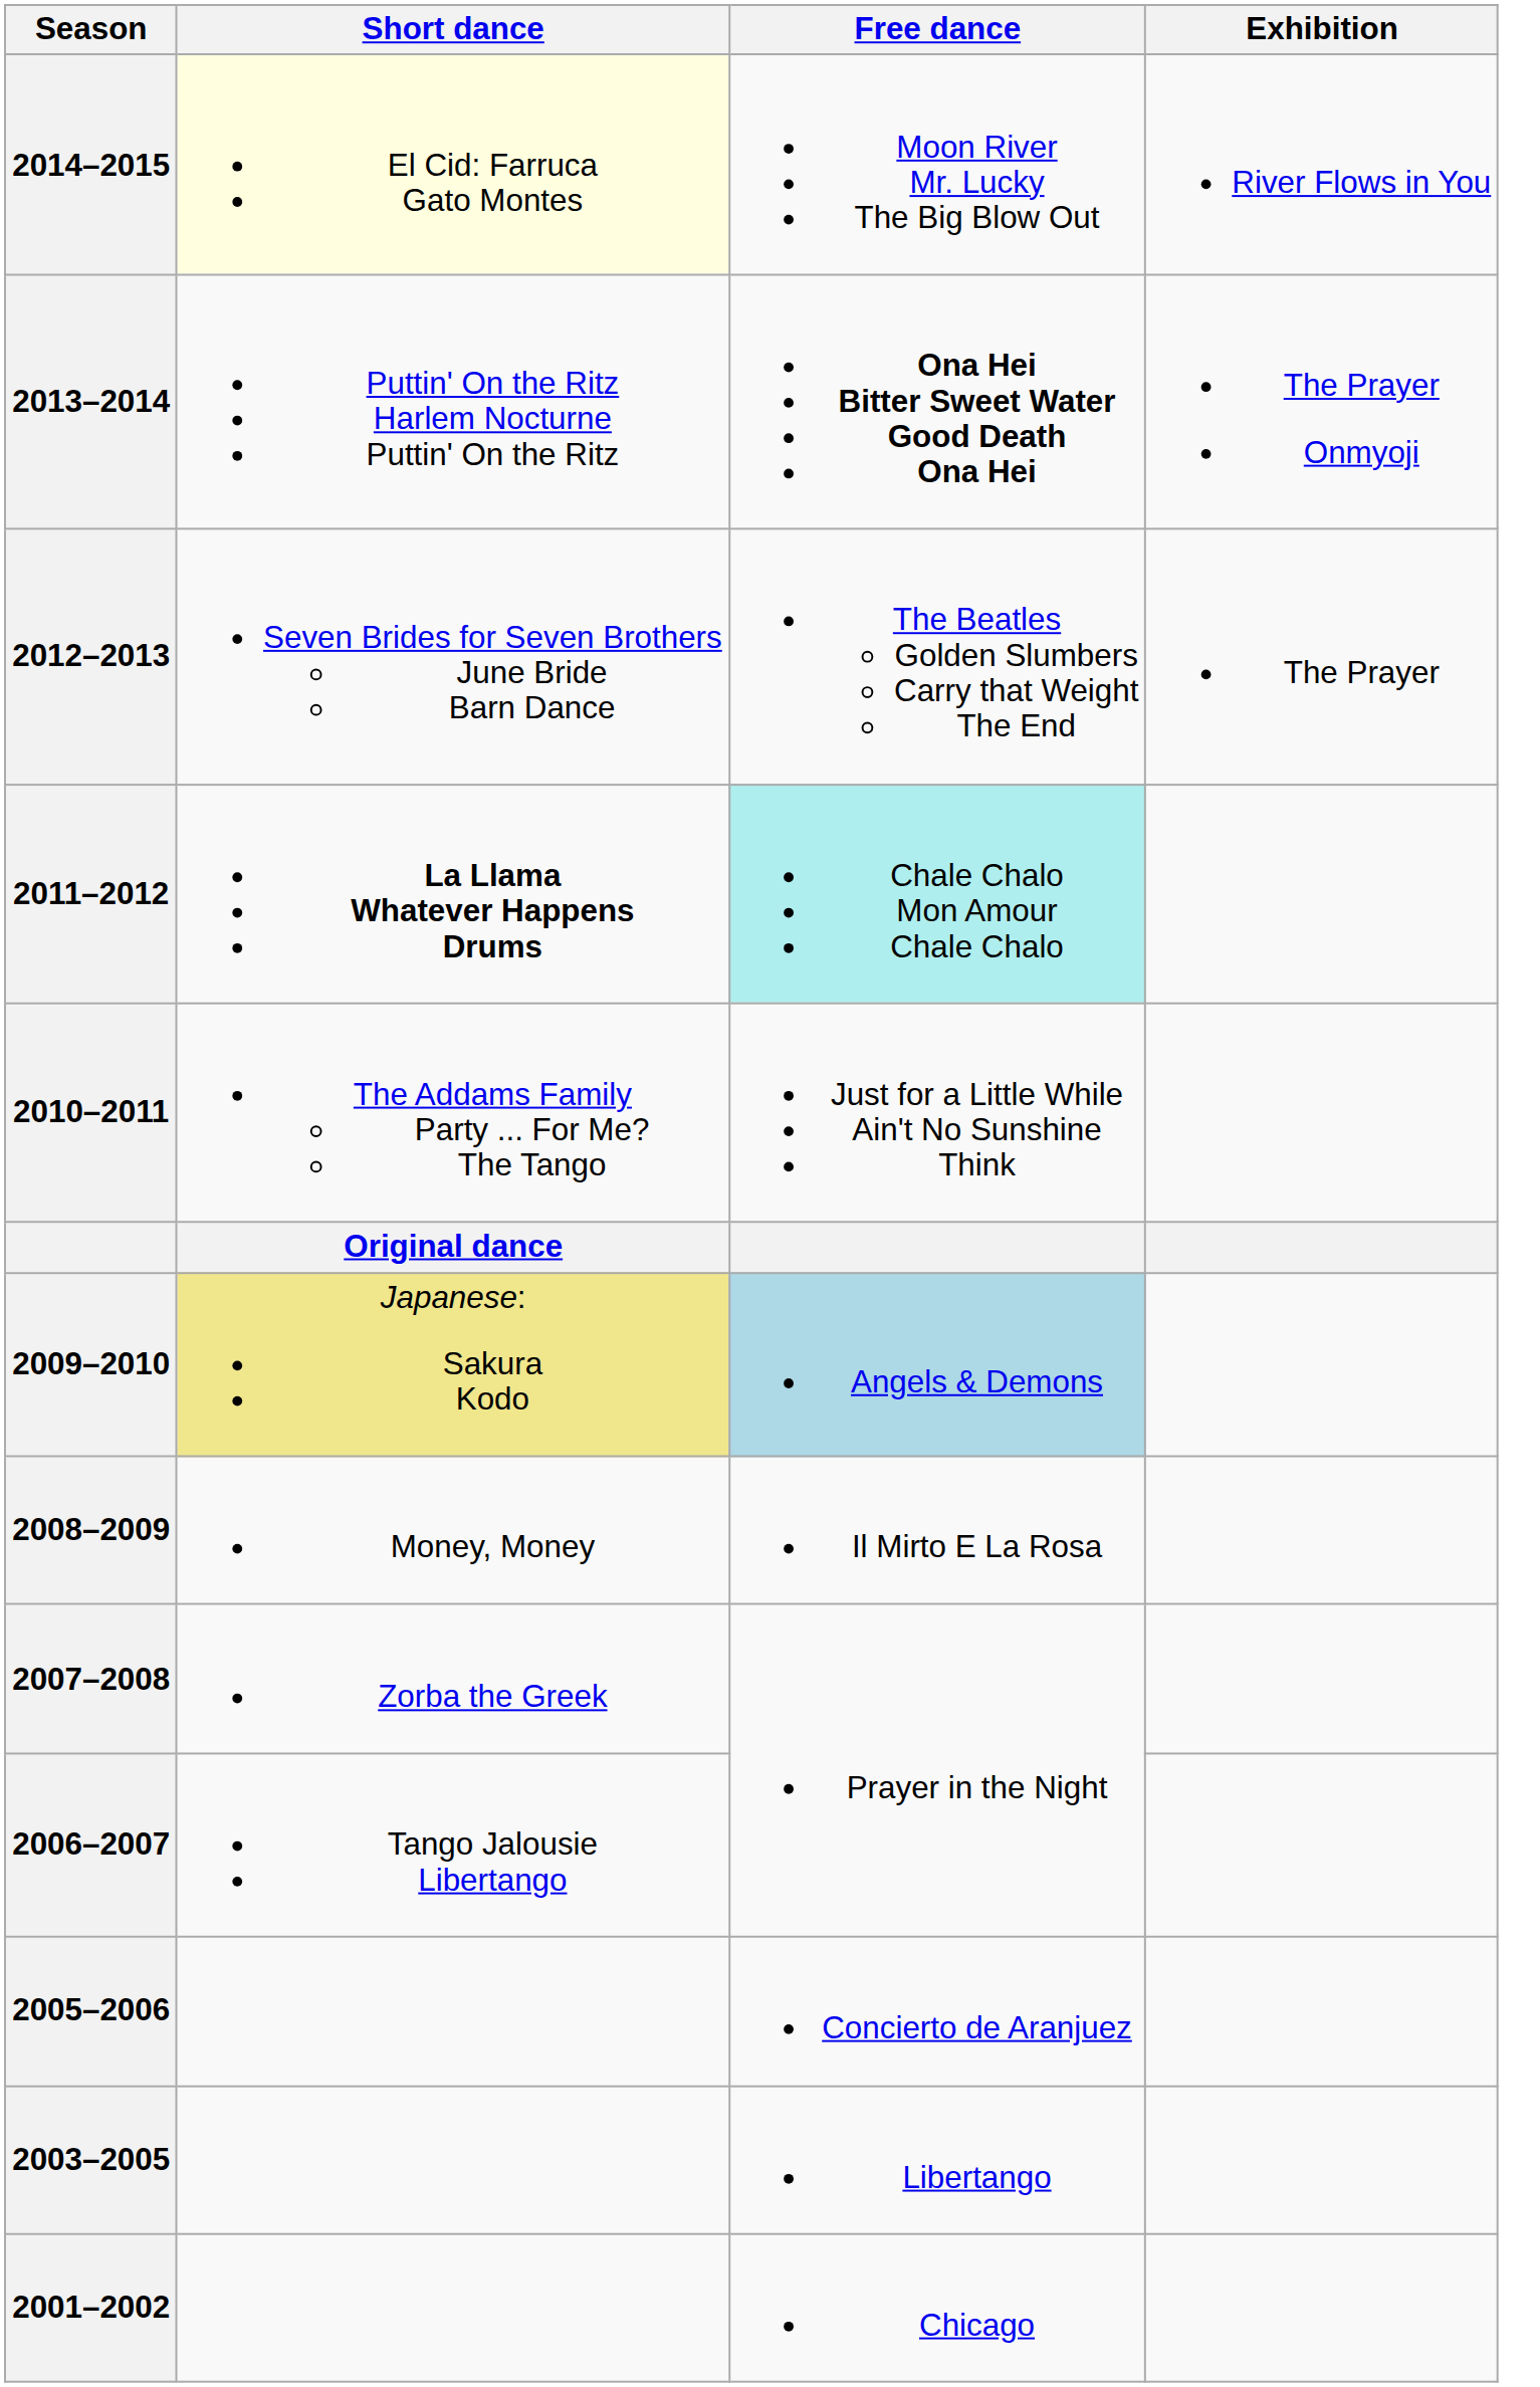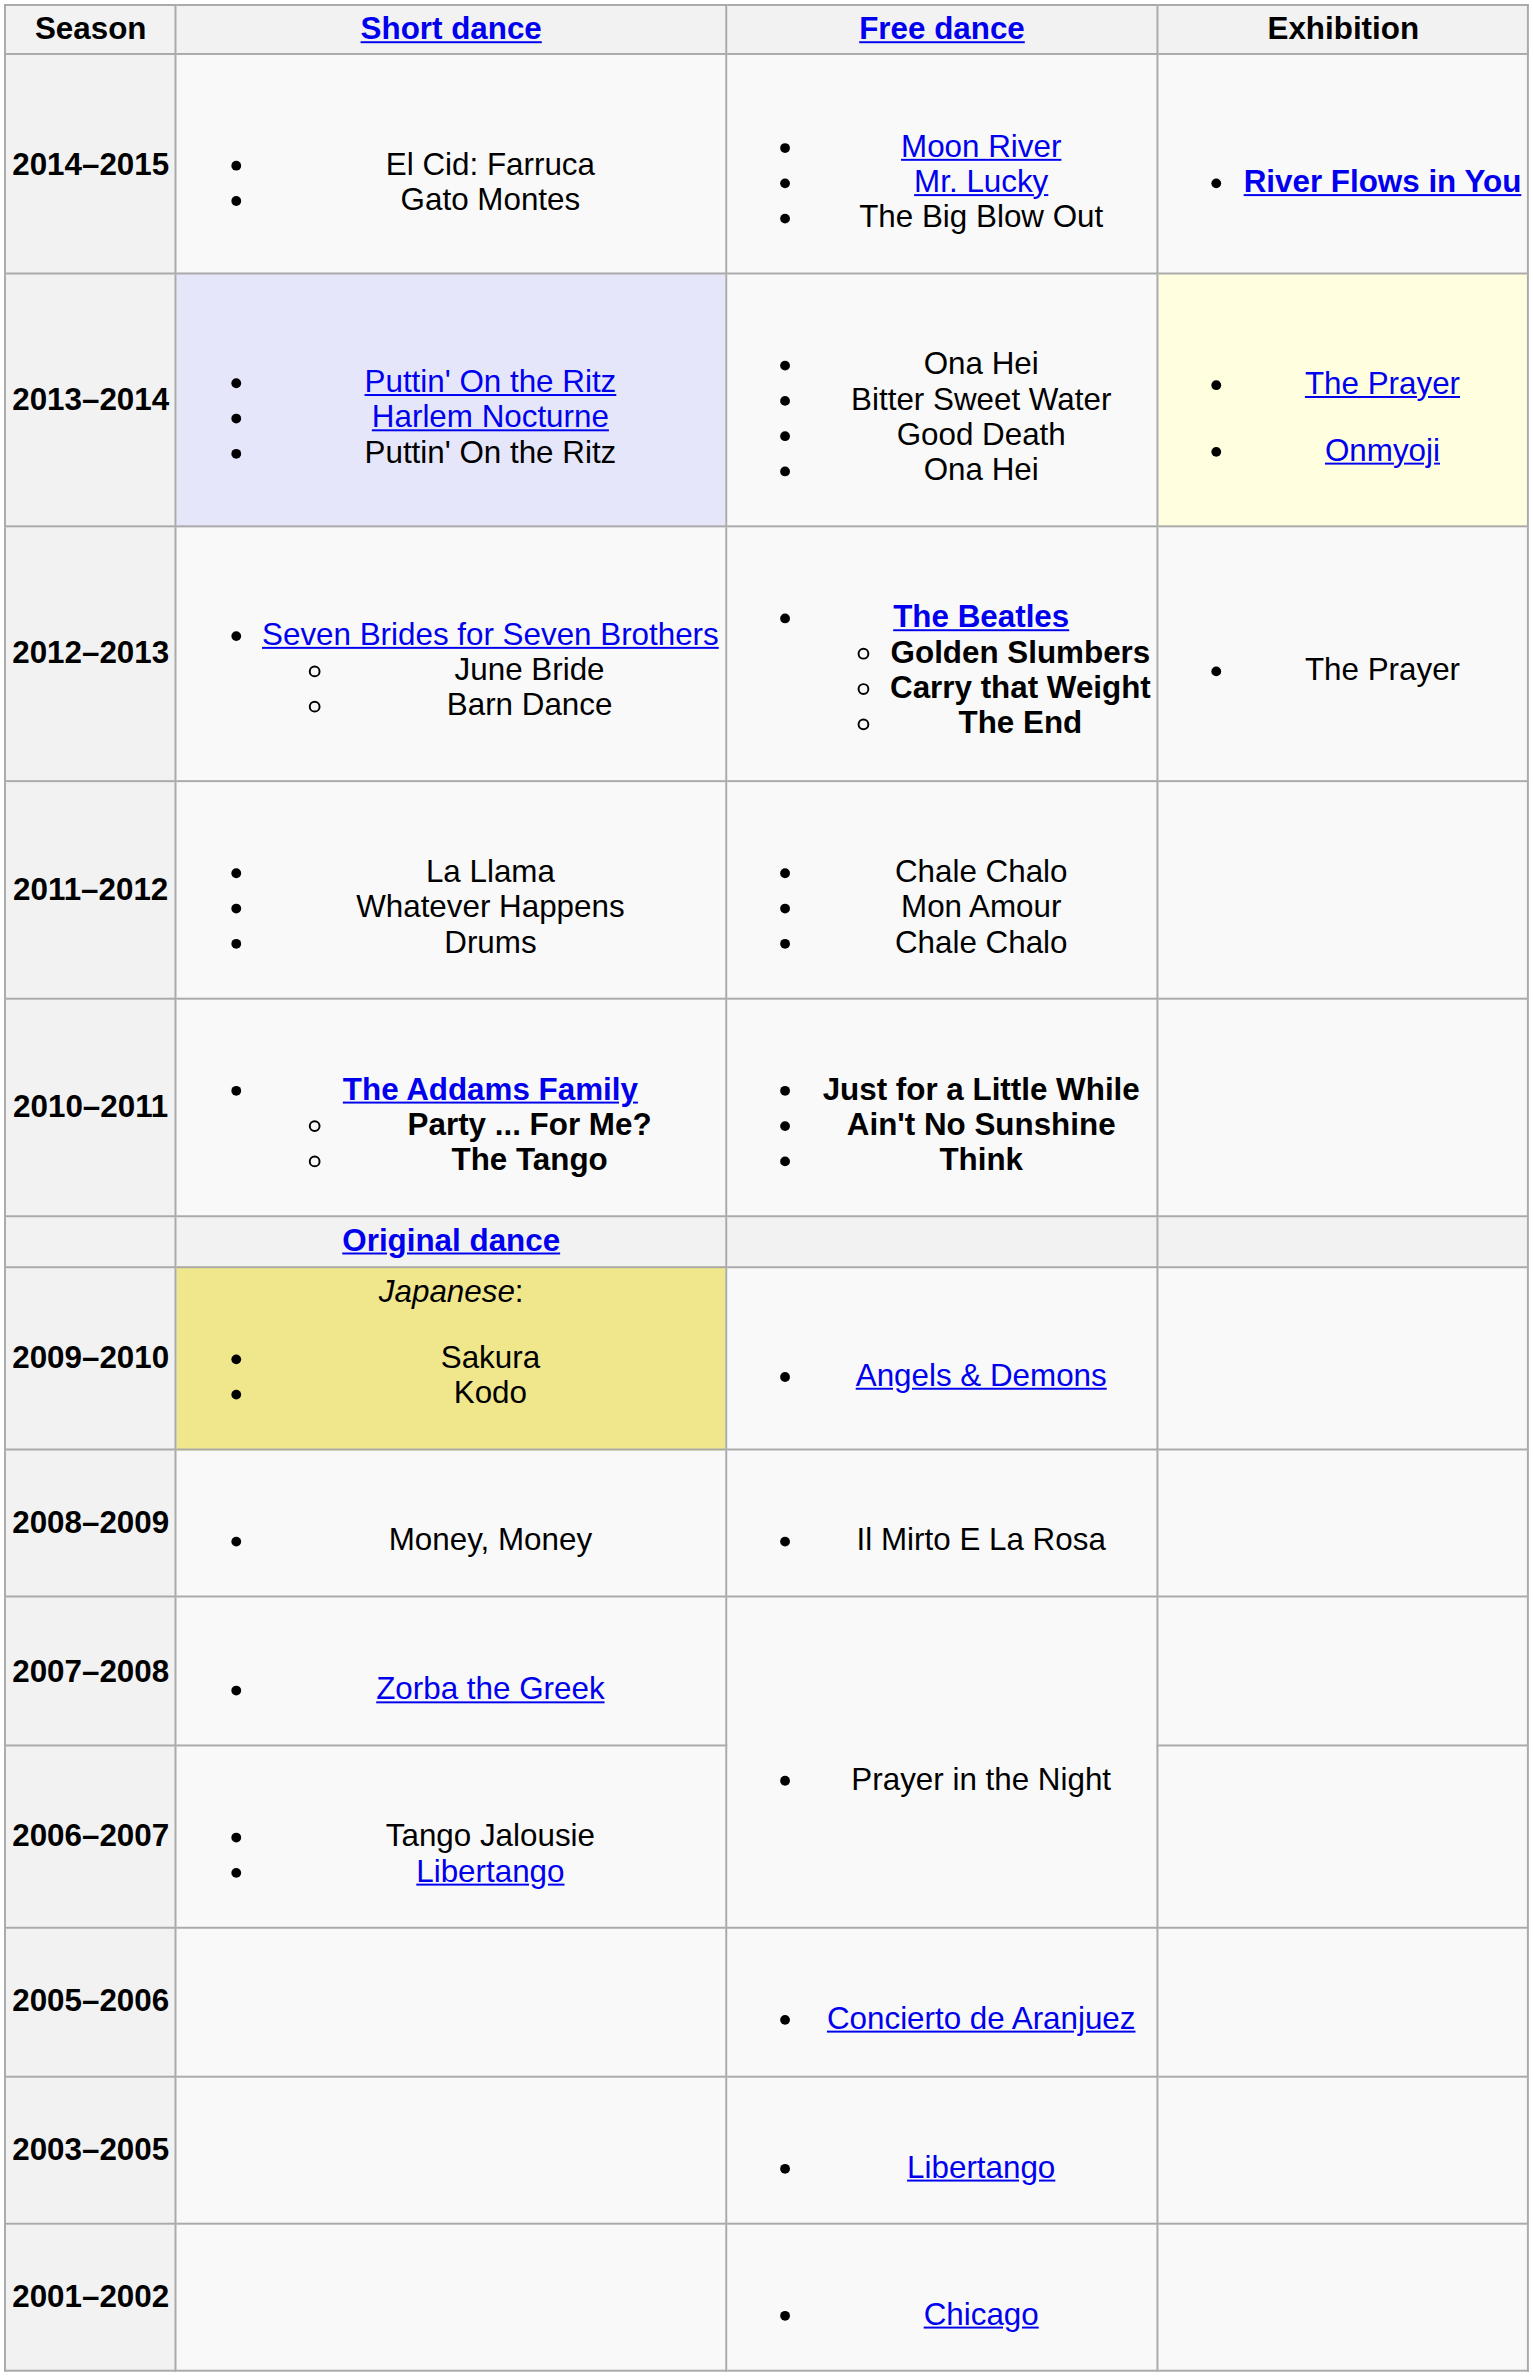 <table class="wikitable" style="text-align:center">
 <tr>
 <th>Season</th>
 <th><a href='#'>Short dance</a></th>
 <th><a href='#'>Free dance</a></th>
 <th>Exhibition</th>
 </tr>
 <tr>
 <th>2014–2015 <br></th>
-<td style="background: lightyellow;"><br><ul><li> El Cid: Farruca <br></li><li> Gato Montes  <br></li></ul></td>
+<td><br><ul><li> El Cid: Farruca <br></li><li> Gato Montes  <br></li></ul></td>
 <td><br><ul><li><a href='#'>Moon River</a></li><li><a href='#'>Mr. Lucky</a></li><li>The Big Blow Out <br></li></ul></td>
-<td><br><ul><li><a href='#'>River Flows in You</a> <br></li></ul></td>
+<td><strong><br><ul><li><a href='#'>River Flows in You</a> <br></li></ul></strong></td>
 </tr>
 <tr>
 <th>2013–2014 <br></th>
-<td><br><ul><li> <a href='#'>Puttin' On the Ritz</a> <br></li><li> <a href='#'>Harlem Nocturne</a> <br></li><li> Puttin' On the Ritz <br></li></ul></td>
-<td><strong><br><ul><li>Ona Hei <br></li><li>Bitter Sweet Water <br></li><li>Good Death <br></li><li>Ona Hei <br></li></ul></strong></td>
-<td><br><ul><li><a href='#'>The Prayer</a> <br></li></ul><ul><li><a href='#'>Onmyoji</a> <br></li></ul></td>
+<td style="background: lavender;"><br><ul><li> <a href='#'>Puttin' On the Ritz</a> <br></li><li> <a href='#'>Harlem Nocturne</a> <br></li><li> Puttin' On the Ritz <br></li></ul></td>
+<td><br><ul><li>Ona Hei <br></li><li>Bitter Sweet Water <br></li><li>Good Death <br></li><li>Ona Hei <br></li></ul></td>
+<td style="background: lightyellow;"><br><ul><li><a href='#'>The Prayer</a> <br></li></ul><ul><li><a href='#'>Onmyoji</a> <br></li></ul></td>
 </tr>
 <tr>
 <th>2012–2013 <br></th>
 <td><br><ul><li><a href='#'>Seven Brides for Seven Brothers</a><ul><li>June Bride</li><li>Barn Dance</li></ul></li></ul></td>
-<td><br><ul><li><a href='#'>The Beatles</a><ul><li>Golden Slumbers</li><li>Carry that Weight</li><li>The End</li></ul></li></ul></td>
+<td><strong><br><ul><li><a href='#'>The Beatles</a><ul><li>Golden Slumbers</li><li>Carry that Weight</li><li>The End</li></ul></li></ul></strong></td>
 <td><br><ul><li>The Prayer <br></li></ul></td>
 </tr>
 <tr>
 <th>2011–2012 <br></th>
-<td><strong><br><ul><li>La Llama <br></li><li>Whatever Happens <br></li><li>Drums <br></li></ul></strong></td>
-<td style="background: paleturquoise;"><br><ul><li>Chale Chalo <br></li><li>Mon Amour <br></li><li>Chale Chalo <br></li></ul></td>
+<td><br><ul><li>La Llama <br></li><li>Whatever Happens <br></li><li>Drums <br></li></ul></td>
+<td><br><ul><li>Chale Chalo <br></li><li>Mon Amour <br></li><li>Chale Chalo <br></li></ul></td>
 <td></td>
 </tr>
 <tr>
 <th>2010–2011 <br></th>
-<td><br><ul><li><a href='#'>The Addams Family</a> <br><ul><li>Party ... For Me?</li><li>The Tango</li></ul></li></ul></td>
-<td><br><ul><li>Just for a Little While <br></li><li>Ain't No Sunshine <br></li><li>Think <br></li></ul></td>
+<td><strong><br><ul><li><a href='#'>The Addams Family</a> <br><ul><li>Party ... For Me?</li><li>The Tango</li></ul></li></ul></strong></td>
+<td><strong><br><ul><li>Just for a Little While <br></li><li>Ain't No Sunshine <br></li><li>Think <br></li></ul></strong></td>
 <td></td>
 </tr>
 <tr>
 <th></th>
 <th><a href='#'>Original dance</a></th>
 <th></th>
 <th></th>
 </tr>
 <tr>
 <th>2009–2010 <br></th>
 <td style="background: khaki;"><em>Japanese</em>:<br><ul><li>Sakura</li><li>Kodo</li></ul></td>
-<td style="background: lightblue;"><br><ul><li><a href='#'>Angels & Demons</a> <br></li></ul></td>
+<td><br><ul><li><a href='#'>Angels & Demons</a> <br></li></ul></td>
 <td></td>
 </tr>
 <tr>
 <th>2008–2009 <br></th>
 <td><br><ul><li> Money, Money <br></li></ul></td>
 <td><br><ul><li>Il Mirto E La Rosa <br></li></ul></td>
 <td></td>
 </tr>
 <tr>
 <th>2007–2008 <br></th>
 <td><br><ul><li><a href='#'>Zorba the Greek</a> <br></li></ul></td>
 <td rowspan=2><br><ul><li>Prayer in the Night <br></li></ul></td>
 <td></td>
 </tr>
 <tr>
 <th>2006–2007 <br></th>
 <td><br><ul><li>Tango Jalousie</li><li><a href='#'>Libertango</a> <br></li></ul></td>
 <td></td>
 </tr>
 <tr>
 <th>2005–2006 <br></th>
 <td></td>
 <td><br><ul><li><a href='#'>Concierto de Aranjuez</a> <br></li></ul></td>
 <td></td>
 </tr>
 <tr>
 <th>2003–2005 <br></th>
 <td></td>
 <td><br><ul><li><a href='#'>Libertango</a> <br></li></ul></td>
 <td></td>
 </tr>
 <tr>
 <th>2001–2002 <br></th>
 <td></td>
 <td><br><ul><li><a href='#'>Chicago</a> <br></li></ul></td>
 <td></td>
 </tr>
 </table>
